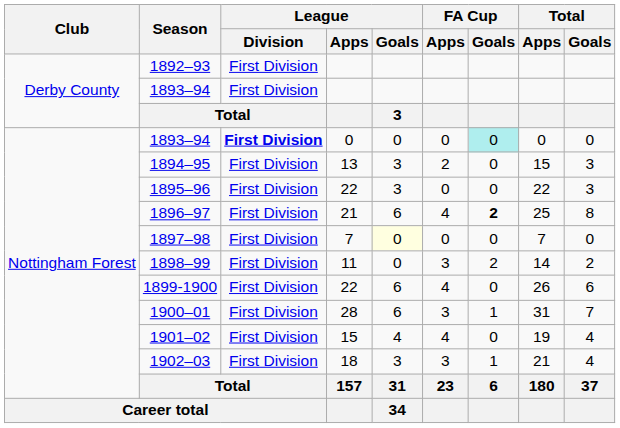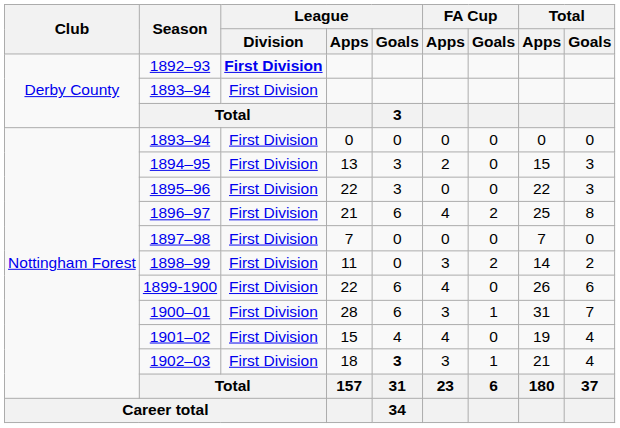 <table class="wikitable" style="text-align: center;">
 <tr>
 <th rowspan="2">Club</th>
 <th rowspan="2">Season</th>
 <th colspan="3">League</th>
 <th colspan="2">FA Cup</th>
 <th colspan="2">Total</th>
 </tr>
 <tr>
 <th>Division</th>
 <th>Apps</th>
 <th>Goals</th>
 <th>Apps</th>
 <th>Goals</th>
 <th>Apps</th>
 <th>Goals</th>
 </tr>
 <tr>
 <td rowspan="3"><a href='#'>Derby County</a></td>
 <td><a href='#'>1892–93</a></td>
-<td><a href='#'>First Division</a></td>
+<td><strong><a href='#'>First Division</a></strong></td>
 <td></td>
 <td></td>
 <td></td>
 <td></td>
 <td></td>
 <td></td>
 </tr>
 <tr>
 <td><a href='#'>1893–94</a></td>
 <td><a href='#'>First Division</a></td>
 <td></td>
 <td></td>
 <td></td>
 <td></td>
 <td></td>
 <td></td>
 </tr>
 <tr>
 <th colspan="2">Total</th>
 <th></th>
 <th>3</th>
 <th></th>
 <th></th>
 <th></th>
 <th></th>
 </tr>
 <tr>
 <td rowspan="11"><a href='#'>Nottingham Forest</a></td>
 <td><a href='#'>1893–94</a></td>
-<td><strong><a href='#'>First Division</a></strong></td>
+<td><a href='#'>First Division</a></td>
 <td>0</td>
 <td>0</td>
 <td>0</td>
-<td style="background: paleturquoise;">0</td>
+<td>0</td>
 <td>0</td>
 <td>0</td>
 </tr>
 <tr>
 <td><a href='#'>1894–95</a></td>
 <td><a href='#'>First Division</a></td>
 <td>13</td>
 <td>3</td>
 <td>2</td>
 <td>0</td>
 <td>15</td>
 <td>3</td>
 </tr>
 <tr>
 <td><a href='#'>1895–96</a></td>
 <td><a href='#'>First Division</a></td>
 <td>22</td>
 <td>3</td>
 <td>0</td>
 <td>0</td>
 <td>22</td>
 <td>3</td>
 </tr>
 <tr>
 <td><a href='#'>1896–97</a></td>
 <td><a href='#'>First Division</a></td>
 <td>21</td>
 <td>6</td>
 <td>4</td>
-<td><strong>2</strong></td>
+<td>2</td>
 <td>25</td>
 <td>8</td>
 </tr>
 <tr>
 <td><a href='#'>1897–98</a></td>
 <td><a href='#'>First Division</a></td>
 <td>7</td>
-<td style="background: lightyellow;">0</td>
+<td>0</td>
 <td>0</td>
 <td>0</td>
 <td>7</td>
 <td>0</td>
 </tr>
 <tr>
 <td><a href='#'>1898–99</a></td>
 <td><a href='#'>First Division</a></td>
 <td>11</td>
 <td>0</td>
 <td>3</td>
 <td>2</td>
 <td>14</td>
 <td>2</td>
 </tr>
 <tr>
 <td><a href='#'>1899-1900</a></td>
 <td><a href='#'>First Division</a></td>
 <td>22</td>
 <td>6</td>
 <td>4</td>
 <td>0</td>
 <td>26</td>
 <td>6</td>
 </tr>
 <tr>
 <td><a href='#'>1900–01</a></td>
 <td><a href='#'>First Division</a></td>
 <td>28</td>
 <td>6</td>
 <td>3</td>
 <td>1</td>
 <td>31</td>
 <td>7</td>
 </tr>
 <tr>
 <td><a href='#'>1901–02</a></td>
 <td><a href='#'>First Division</a></td>
 <td>15</td>
 <td>4</td>
 <td>4</td>
 <td>0</td>
 <td>19</td>
 <td>4</td>
 </tr>
 <tr>
 <td><a href='#'>1902–03</a></td>
 <td><a href='#'>First Division</a></td>
 <td>18</td>
-<td>3</td>
+<td><strong>3</strong></td>
 <td>3</td>
 <td>1</td>
 <td>21</td>
 <td>4</td>
 </tr>
 <tr>
 <th colspan="2">Total</th>
 <th>157</th>
 <th>31</th>
 <th>23</th>
 <th>6</th>
 <th>180</th>
 <th>37</th>
 </tr>
 <tr>
 <th colspan="3">Career total</th>
 <th></th>
 <th>34</th>
 <th></th>
 <th></th>
 <th></th>
 <th></th>
 </tr>
 </table>
